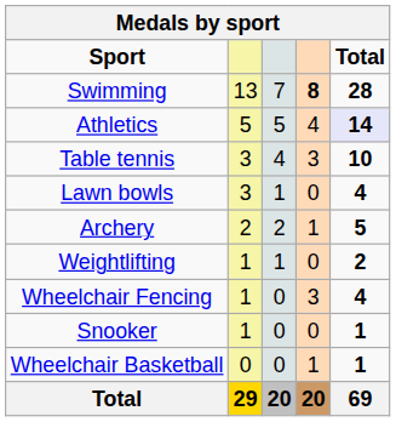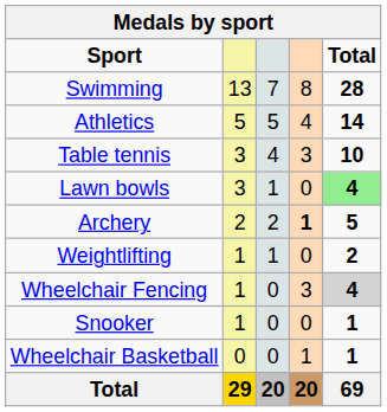 <table class="wikitable" style="font-size:95%">
 <tr style="background:#efefef;">
 <th colspan=5>Medals by sport</th>
 </tr>
 <tr style="text-align:center;">
 <td><strong>Sport</strong></td>
 <td bgcolor=#f7f6a8></td>
 <td bgcolor=#dce5e5></td>
 <td bgcolor=#ffdab9></td>
 <td><strong>Total</strong></td>
 </tr>
 <tr style="text-align:center;">
 <td><a href='#'>Swimming</a></td>
 <td style="background:#F7F6A8;">13</td>
 <td style="background:#DCE5E5;">7</td>
-<td style="background:#FFDAB9;"><strong>8</strong></td>
+<td style="background:#FFDAB9;">8</td>
 <td><strong>28</strong></td>
 </tr>
 <tr style="text-align:center;">
 <td><a href='#'>Athletics</a></td>
 <td style="background:#F7F6A8;">5</td>
 <td style="background:#DCE5E5;">5</td>
 <td style="background:#FFDAB9;">4</td>
-<td style="background: lavender;"><strong>14</strong></td>
+<td><strong>14</strong></td>
 </tr>
 <tr style="text-align:center;">
 <td><a href='#'>Table tennis</a></td>
 <td style="background:#F7F6A8;">3</td>
 <td style="background:#DCE5E5;">4</td>
 <td style="background:#FFDAB9;">3</td>
 <td><strong>10</strong></td>
 </tr>
 <tr style="text-align:center;">
 <td><a href='#'>Lawn bowls</a></td>
 <td style="background:#F7F6A8;">3</td>
 <td style="background:#DCE5E5;">1</td>
 <td style="background:#FFDAB9;">0</td>
-<td><strong>4</strong></td>
+<td style="background: lightgreen;"><strong>4</strong></td>
 </tr>
 <tr style="text-align:center;">
 <td><a href='#'>Archery</a></td>
 <td style="background:#F7F6A8;">2</td>
 <td style="background:#DCE5E5;">2</td>
-<td style="background:#FFDAB9;">1</td>
+<td style="background:#FFDAB9;"><strong>1</strong></td>
 <td><strong>5</strong></td>
 </tr>
 <tr style="text-align:center;">
 <td><a href='#'>Weightlifting</a></td>
 <td style="background:#F7F6A8;">1</td>
 <td style="background:#DCE5E5;">1</td>
 <td style="background:#FFDAB9;">0</td>
 <td><strong>2</strong></td>
 </tr>
 <tr style="text-align:center;">
 <td><a href='#'>Wheelchair Fencing</a></td>
 <td style="background:#F7F6A8;">1</td>
 <td style="background:#DCE5E5;">0</td>
 <td style="background:#FFDAB9;">3</td>
-<td><strong>4</strong></td>
+<td style="background: lightgrey;"><strong>4</strong></td>
 </tr>
 <tr style="text-align:center;">
 <td><a href='#'>Snooker</a></td>
 <td style="background:#F7F6A8;">1</td>
 <td style="background:#DCE5E5;">0</td>
 <td style="background:#FFDAB9;">0</td>
 <td><strong>1</strong></td>
 </tr>
 <tr style="text-align:center;">
 <td><a href='#'>Wheelchair Basketball</a></td>
 <td style="background:#F7F6A8;">0</td>
 <td style="background:#DCE5E5;">0</td>
 <td style="background:#FFDAB9;">1</td>
 <td><strong>1</strong></td>
 </tr>
 <tr>
 <th>Total</th>
 <th style="background:gold;">29</th>
 <th style="background:silver;">20</th>
 <th style="background:#c96;">20</th>
 <th>69</th>
 </tr>
 </table>
